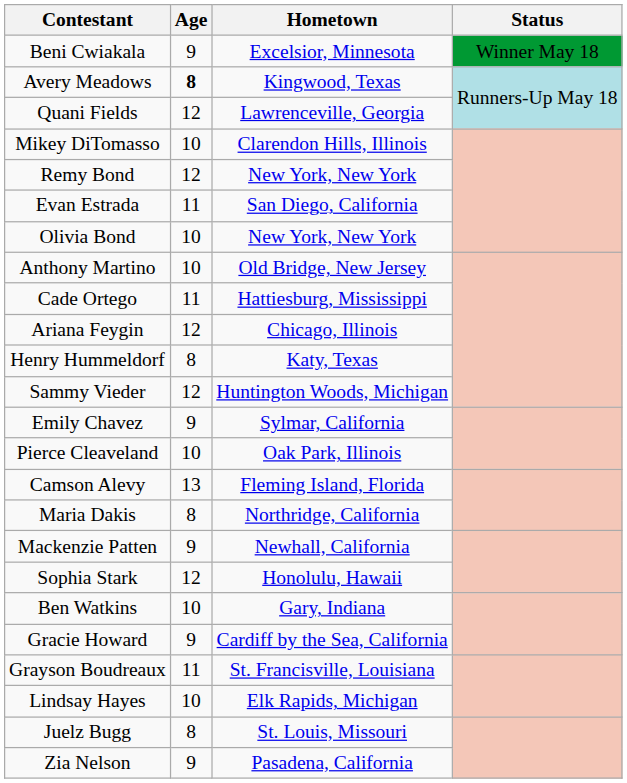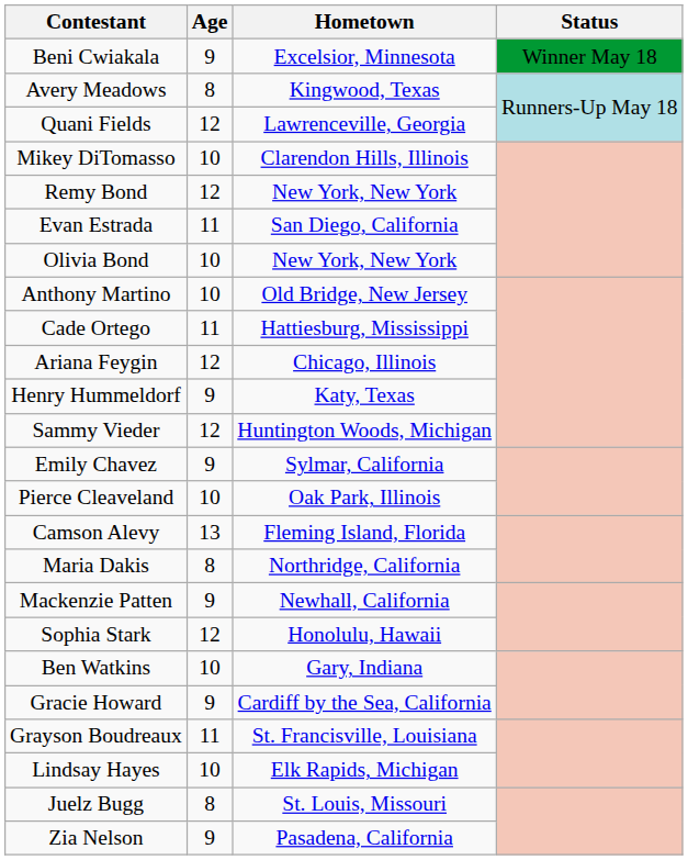 <table class="wikitable sortable" style="text-align:center;">
 <tr>
 <th>Contestant</th>
 <th>Age</th>
 <th>Hometown</th>
 <th>Status</th>
 </tr>
 <tr>
 <td>Beni Cwiakala</td>
 <td>9</td>
 <td><a href='#'>Excelsior, Minnesota</a></td>
 <td style="background:#093;"><span>Winner May 18</span></td>
 </tr>
 <tr>
 <td>Avery Meadows</td>
-<td><strong>8</strong></td>
+<td>8</td>
 <td><a href='#'>Kingwood, Texas</a></td>
 <td style="background:#B0E0E6; text'align:center;" rowspan="2">Runners-Up May 18</td>
 </tr>
 <tr>
 <td>Quani Fields</td>
 <td>12</td>
 <td><a href='#'>Lawrenceville, Georgia</a></td>
 </tr>
 <tr>
 <td>Mikey DiTomasso</td>
 <td>10</td>
 <td><a href='#'>Clarendon Hills, Illinois</a></td>
 <td style="background:#f4c7b8; text'align:center;" rowspan="4"></td>
 </tr>
 <tr>
 <td>Remy Bond</td>
 <td>12</td>
 <td><a href='#'>New York, New York</a></td>
 </tr>
 <tr>
 <td>Evan Estrada</td>
 <td>11</td>
 <td><a href='#'>San Diego, California</a></td>
 </tr>
 <tr>
 <td>Olivia Bond</td>
 <td>10</td>
 <td><a href='#'>New York, New York</a></td>
 </tr>
 <tr>
 <td>Anthony Martino</td>
 <td>10</td>
 <td><a href='#'>Old Bridge, New Jersey</a></td>
 <td style="background:#f4c7b8; text'align:center;" rowspan="5"></td>
 </tr>
 <tr>
 <td>Cade Ortego</td>
 <td>11</td>
 <td><a href='#'>Hattiesburg, Mississippi</a></td>
 </tr>
 <tr>
 <td>Ariana Feygin</td>
 <td>12</td>
 <td><a href='#'>Chicago, Illinois</a></td>
 </tr>
 <tr>
 <td>Henry Hummeldorf</td>
-<td>8</td>
+<td>9</td>
 <td><a href='#'>Katy, Texas</a></td>
 </tr>
 <tr>
 <td>Sammy Vieder</td>
 <td>12</td>
 <td><a href='#'>Huntington Woods, Michigan</a></td>
 </tr>
 <tr>
 <td>Emily Chavez</td>
 <td>9</td>
 <td><a href='#'>Sylmar, California</a></td>
 <td style="background:#f4c7b8; text'align:center;" rowspan="2"></td>
 </tr>
 <tr>
 <td>Pierce Cleaveland</td>
 <td>10</td>
 <td><a href='#'>Oak Park, Illinois</a></td>
 </tr>
 <tr>
 <td>Camson Alevy</td>
 <td>13</td>
 <td><a href='#'>Fleming Island, Florida</a></td>
 <td style="background:#f4c7b8; text-align:center;" rowspan="2"></td>
 </tr>
 <tr>
 <td>Maria Dakis</td>
 <td>8</td>
 <td><a href='#'>Northridge, California</a></td>
 </tr>
 <tr>
 <td>Mackenzie Patten</td>
 <td>9</td>
 <td><a href='#'>Newhall, California</a></td>
 <td style="background:#f4c7b8; text-align:center;" rowspan="2"></td>
 </tr>
 <tr>
 <td>Sophia Stark</td>
 <td>12</td>
 <td><a href='#'>Honolulu, Hawaii</a></td>
 </tr>
 <tr>
 <td>Ben Watkins</td>
 <td>10</td>
 <td><a href='#'>Gary, Indiana</a></td>
 <td style="background:#f4c7b8; text-align:center;" rowspan="2"></td>
 </tr>
 <tr>
 <td>Gracie Howard</td>
 <td>9</td>
 <td><a href='#'>Cardiff by the Sea, California</a></td>
 </tr>
 <tr>
 <td>Grayson Boudreaux</td>
 <td>11</td>
 <td><a href='#'>St. Francisville, Louisiana</a></td>
 <td style="background:#f4c7b8; text-align:center;" rowspan="2"></td>
 </tr>
 <tr>
 <td>Lindsay Hayes</td>
 <td>10</td>
 <td><a href='#'>Elk Rapids, Michigan</a></td>
 </tr>
 <tr>
 <td>Juelz Bugg</td>
 <td>8</td>
 <td><a href='#'>St. Louis, Missouri</a></td>
 <td style="background:#f4c7b8; text-align:center;" rowspan="2"></td>
 </tr>
 <tr>
 <td>Zia Nelson</td>
 <td>9</td>
 <td><a href='#'>Pasadena, California</a></td>
 </tr>
 </table>
